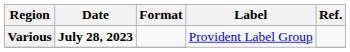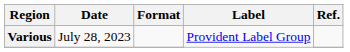 <table class="wikitable plainrowheaders">
 <tr>
 <th scope="col">Region</th>
 <th scope="col">Date</th>
 <th scope="col">Format</th>
 <th scope="col">Label</th>
 <th scope="col">Ref.</th>
 </tr>
 <tr>
 <th scope="row">Various</th>
-<td><strong>July 28, 2023</strong></td>
+<td>July 28, 2023</td>
 <td></td>
 <td rowspan="2"><a href='#'>Provident Label Group</a></td>
 <td></td>
 </tr>
 <tr>
 </tr>
 </table>
